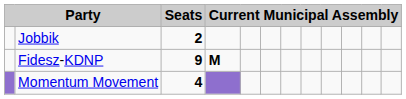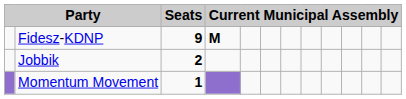 <table class="wikitable">
 <tr>
 <th style="background:#ccc" colspan="2">Party</th>
 <th style="background:#ccc">Seats</th>
 <th style="background:#ccc" colspan="9">Current Municipal Assembly</th>
+</tr>
+<tr>
+<td style="background-color: "> </td>
+<td><a href='#'>Fidesz</a>-<a href='#'>KDNP</a></td>
+<td style="text-align: right"><strong>9</strong></td>
+<td style="background-color: "><span><strong>M</strong></span></td>
+<td style="background-color: "> </td>
+<td style="background-color: "> </td>
+<td style="background-color: "> </td>
+<td style="background-color: "> </td>
+<td style="background-color: "> </td>
+<td style="background-color: "> </td>
+<td style="background-color: "> </td>
+<td style="background-color: "> </td>
 </tr>
 <tr>
 <td style="background-color: "> </td>
 <td><a href='#'>Jobbik</a></td>
 <td style="text-align: right"><strong>2</strong></td>
 <td style="background-color: "> </td>
 <td style="background-color: "> </td>
 <td> </td>
 <td> </td>
 <td> </td>
 <td> </td>
 <td> </td>
 <td> </td>
 <td> </td>
 </tr>
 <tr>
-<td style="background-color: "> </td>
-<td><a href='#'>Fidesz</a>-<a href='#'>KDNP</a></td>
-<td style="text-align: right"><strong>9</strong></td>
-<td style="background-color: "><span><strong>M</strong></span></td>
-<td style="background-color: "> </td>
-<td style="background-color: "> </td>
-<td style="background-color: "> </td>
-<td style="background-color: "> </td>
-<td style="background-color: "> </td>
-<td style="background-color: "> </td>
-<td style="background-color: "> </td>
-<td style="background-color: "> </td>
-</tr>
-<tr>
 <td style="background-color: #8E6FCE"> </td>
 <td><a href='#'>Momentum Movement</a></td>
-<td style="text-align: right"><strong>4</strong></td>
+<td style="text-align: right"><strong>1</strong></td>
 <td style="background-color: #8E6FCE"> </td>
 <td> </td>
 <td> </td>
 <td> </td>
 <td> </td>
 <td> </td>
 <td> </td>
 <td> </td>
 <td> </td>
 </tr>
 </table>
